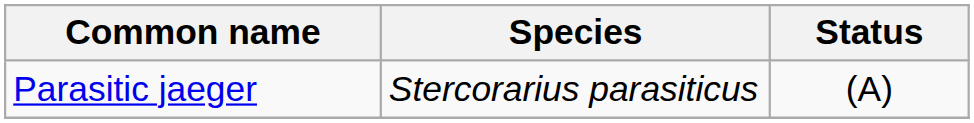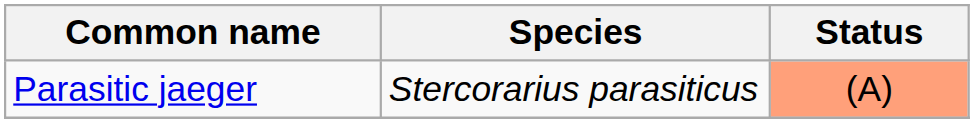 <table width=70% class="wikitable">
 <tr>
 <th width=20%>Common name</th>
 <th width=20%>Species</th>
 <th width=8%>Status</th>
 </tr>
 <tr>
 <td><a href='#'>Parasitic jaeger</a></td>
 <td><em>Stercorarius parasiticus</em></td>
-<td align=center>(A)</td>
+<td align=center style="background: lightsalmon;">(A)</td>
 </tr>
 <tr>
 </tr>
 </table>
